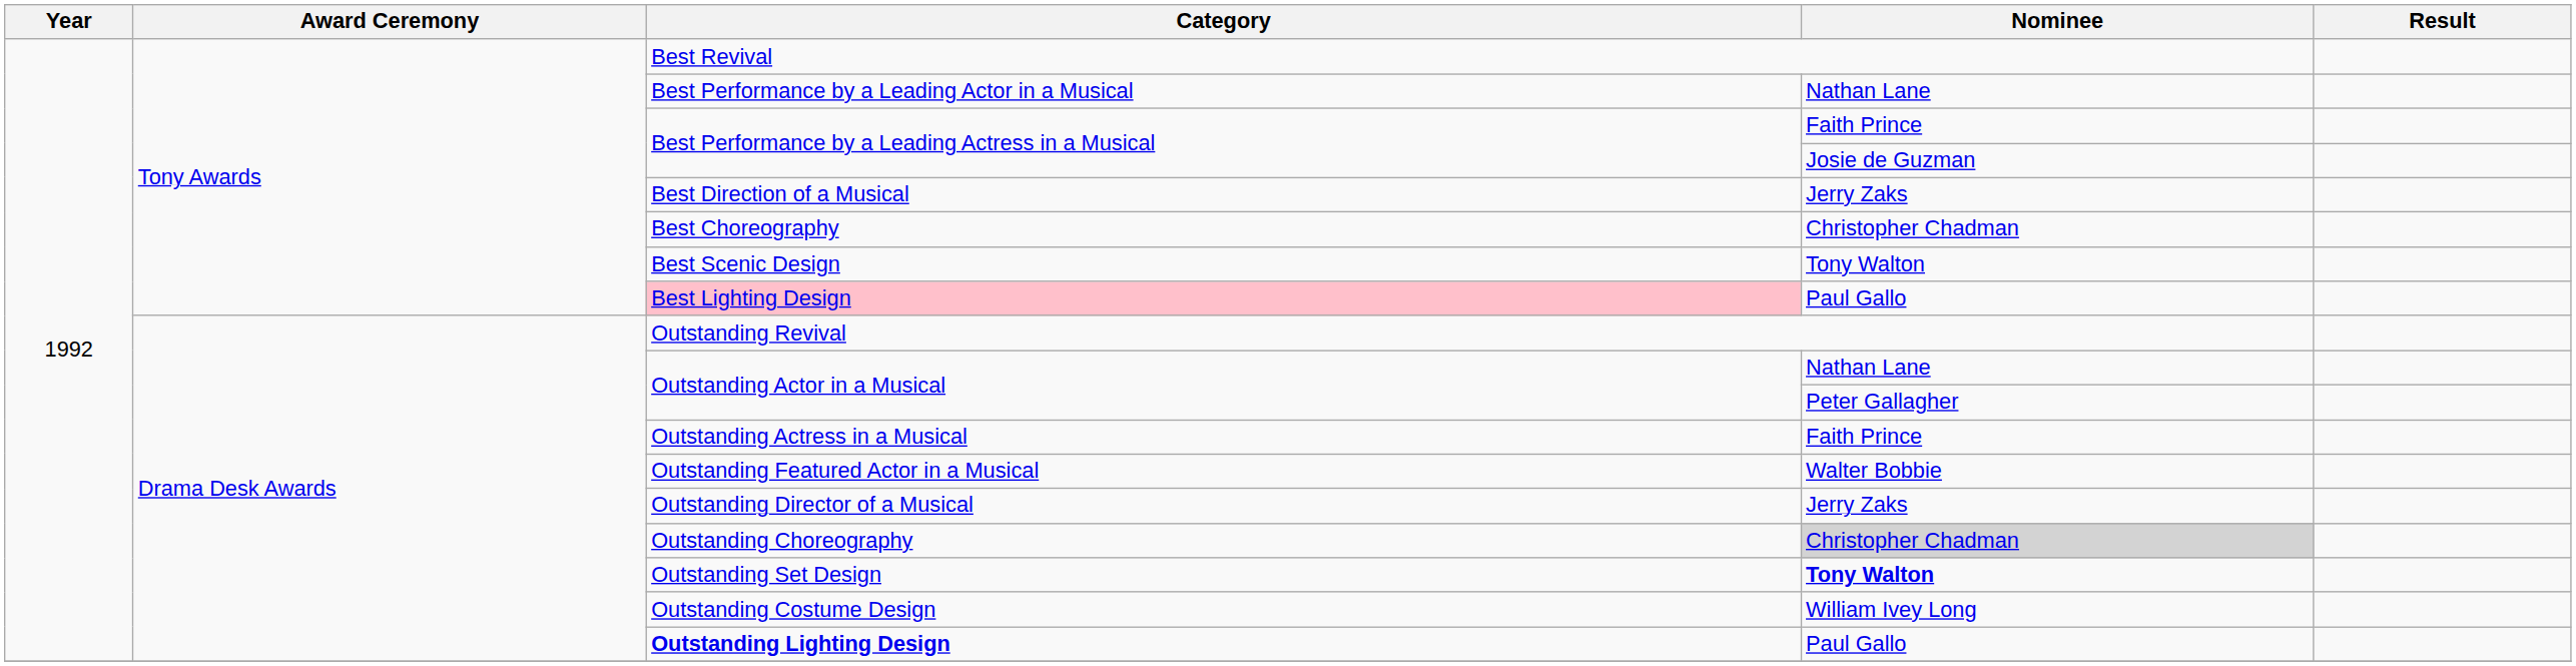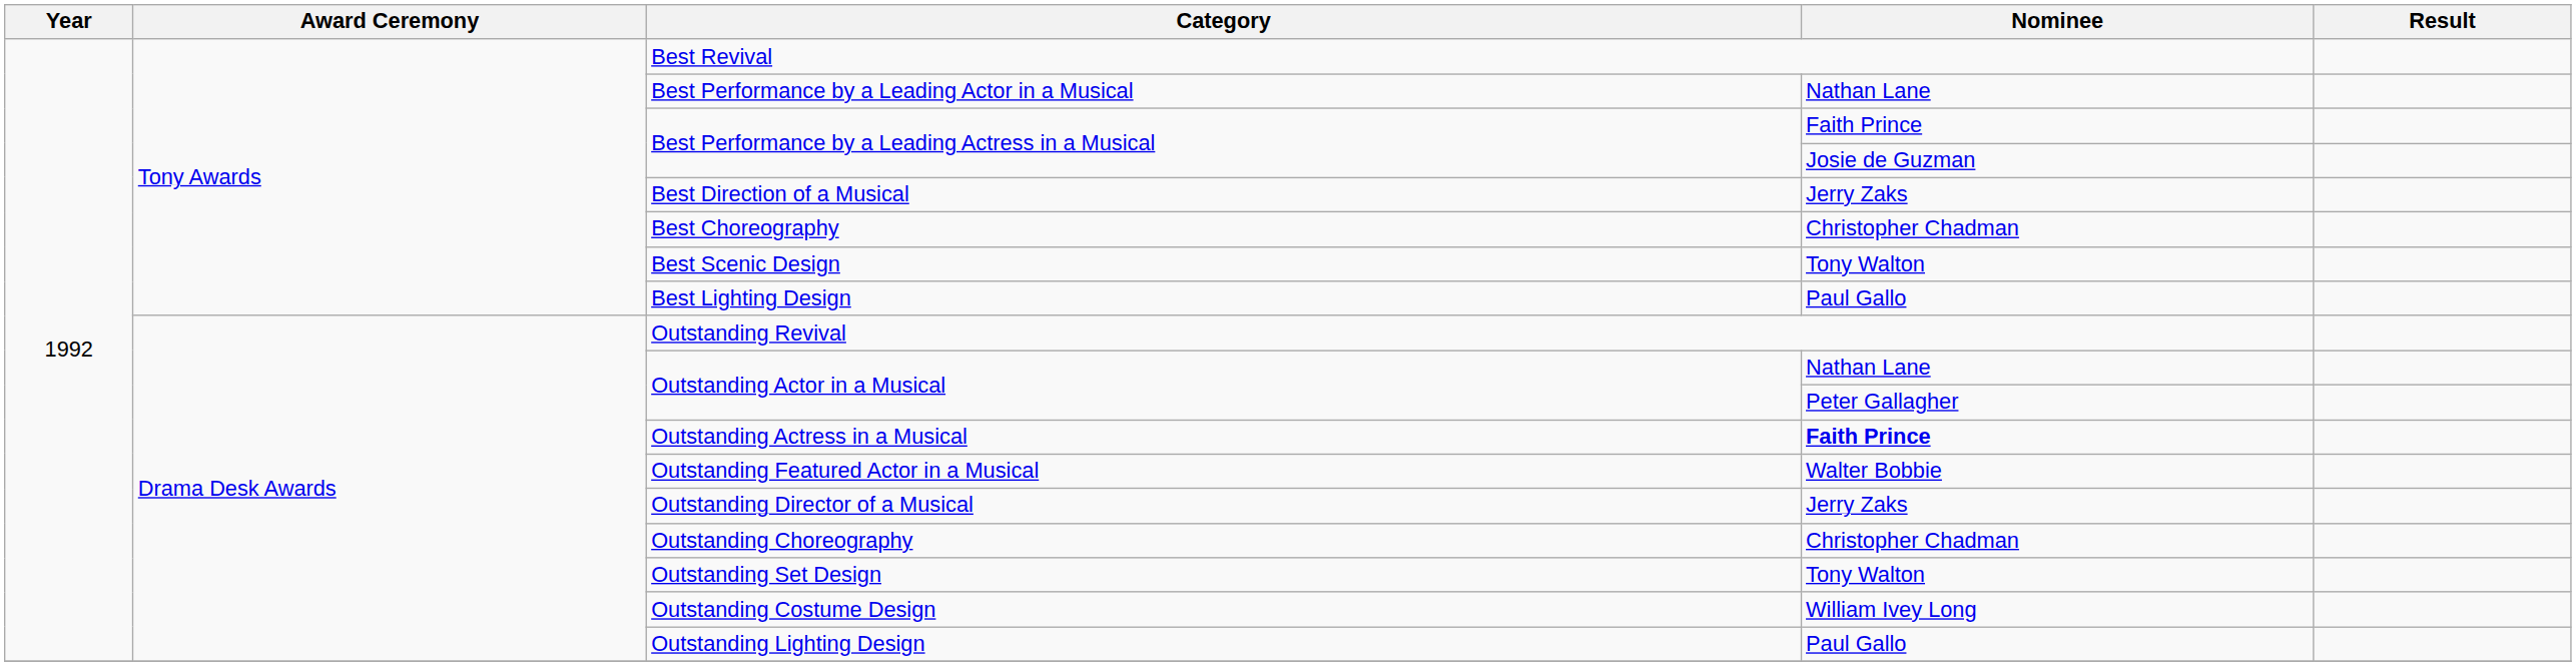 <table class="wikitable" style="width:95%;">
 <tr>
 <th style="width:5%;">Year</th>
 <th style="width:20%;">Award Ceremony</th>
 <th style="width:45%;">Category</th>
 <th style="width:20%;">Nominee</th>
 <th style="width:10%;">Result</th>
 </tr>
 <tr>
 <td rowspan="18" style="text-align:center;">1992</td>
 <td rowspan="8"><a href='#'>Tony Awards</a></td>
 <td colspan="2"><a href='#'>Best Revival</a></td>
 <td></td>
 </tr>
 <tr>
 <td><a href='#'>Best Performance by a Leading Actor in a Musical</a></td>
 <td><a href='#'>Nathan Lane</a></td>
 <td></td>
 </tr>
 <tr>
 <td rowspan="2"><a href='#'>Best Performance by a Leading Actress in a Musical</a></td>
 <td><a href='#'>Faith Prince</a></td>
 <td></td>
 </tr>
 <tr>
 <td><a href='#'>Josie de Guzman</a></td>
 <td></td>
 </tr>
 <tr>
 <td><a href='#'>Best Direction of a Musical</a></td>
 <td><a href='#'>Jerry Zaks</a></td>
 <td></td>
 </tr>
 <tr>
 <td><a href='#'>Best Choreography</a></td>
 <td><a href='#'>Christopher Chadman</a></td>
 <td></td>
 </tr>
 <tr>
 <td><a href='#'>Best Scenic Design</a></td>
 <td><a href='#'>Tony Walton</a></td>
 <td></td>
 </tr>
 <tr>
-<td style="background: pink;"><a href='#'>Best Lighting Design</a></td>
+<td><a href='#'>Best Lighting Design</a></td>
 <td><a href='#'>Paul Gallo</a></td>
 <td></td>
 </tr>
 <tr>
 <td rowspan="10"><a href='#'>Drama Desk Awards</a></td>
 <td colspan="2"><a href='#'>Outstanding Revival</a></td>
 <td></td>
 </tr>
 <tr>
 <td rowspan="2"><a href='#'>Outstanding Actor in a Musical</a></td>
 <td><a href='#'>Nathan Lane</a></td>
 <td></td>
 </tr>
 <tr>
 <td><a href='#'>Peter Gallagher</a></td>
 <td></td>
 </tr>
 <tr>
 <td><a href='#'>Outstanding Actress in a Musical</a></td>
-<td><a href='#'>Faith Prince</a></td>
+<td><strong><a href='#'>Faith Prince</a></strong></td>
 <td></td>
 </tr>
 <tr>
 <td><a href='#'>Outstanding Featured Actor in a Musical</a></td>
 <td><a href='#'>Walter Bobbie</a></td>
 <td></td>
 </tr>
 <tr>
 <td><a href='#'>Outstanding Director of a Musical</a></td>
 <td><a href='#'>Jerry Zaks</a></td>
 <td></td>
 </tr>
 <tr>
 <td><a href='#'>Outstanding Choreography</a></td>
-<td style="background: lightgrey;"><a href='#'>Christopher Chadman</a></td>
+<td><a href='#'>Christopher Chadman</a></td>
 <td></td>
 </tr>
 <tr>
 <td><a href='#'>Outstanding Set Design</a></td>
-<td><strong><a href='#'>Tony Walton</a></strong></td>
+<td><a href='#'>Tony Walton</a></td>
 <td></td>
 </tr>
 <tr>
 <td><a href='#'>Outstanding Costume Design</a></td>
 <td><a href='#'>William Ivey Long</a></td>
 <td></td>
 </tr>
 <tr>
-<td><strong><a href='#'>Outstanding Lighting Design</a></strong></td>
+<td><a href='#'>Outstanding Lighting Design</a></td>
 <td><a href='#'>Paul Gallo</a></td>
 <td></td>
 </tr>
 <tr>
 </tr>
 </table>
